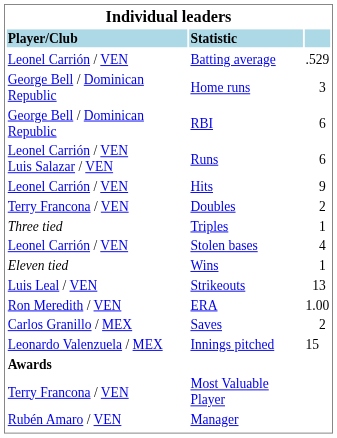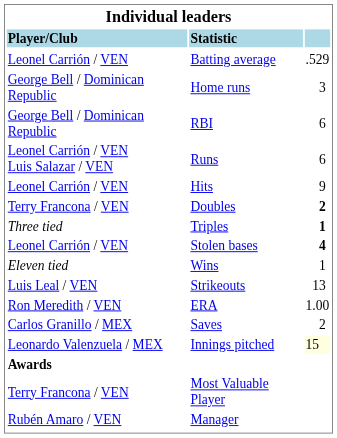 <table cellpadding="1" width="350px" style="font-size: 90%; border: 1px solid gray;">
 <tr align="center" style="font-size: larger;">
 <td colspan=6><strong>Individual leaders</strong></td>
 </tr>
 <tr style="background:lightblue;">
 <td><strong>Player/Club</strong></td>
 <td><strong>Statistic</strong></td>
 <td></td>
 </tr>
 <tr align="center" style="vertical-align: middle;" style="background:lightblue;">
 </tr>
 <tr>
 <td><a href='#'>Leonel Carrión</a> / <a href='#'>VEN</a></td>
 <td><a href='#'>Batting average</a></td>
 <td>.529</td>
 </tr>
 <tr>
 <td><a href='#'>George Bell</a> / <a href='#'>Dominican Republic</a></td>
 <td><a href='#'>Home runs</a></td>
 <td>     3</td>
 </tr>
 <tr>
 <td><a href='#'>George Bell</a> / <a href='#'>Dominican Republic</a></td>
 <td><a href='#'>RBI</a></td>
 <td>     6</td>
 </tr>
 <tr>
 <td><a href='#'>Leonel Carrión</a> / <a href='#'>VEN</a><br><a href='#'>Luis Salazar</a> / <a href='#'>VEN</a></td>
 <td><a href='#'>Runs</a></td>
 <td>     6</td>
 </tr>
 <tr>
 <td><a href='#'>Leonel Carrión</a> / <a href='#'>VEN</a></td>
 <td><a href='#'>Hits</a></td>
 <td>    9</td>
 </tr>
 <tr>
 <td><a href='#'>Terry Francona</a> / <a href='#'>VEN</a></td>
 <td><a href='#'>Doubles</a></td>
-<td>     2</td>
+<td><strong>     2</strong></td>
 </tr>
 <tr>
 <td><em>Three tied</em></td>
 <td><a href='#'>Triples</a></td>
-<td>    1</td>
+<td><strong>    1</strong></td>
 </tr>
 <tr>
 <td><a href='#'>Leonel Carrión</a> / <a href='#'>VEN</a></td>
 <td><a href='#'>Stolen bases</a></td>
-<td>     4</td>
+<td><strong>     4</strong></td>
 </tr>
 <tr>
 <td><em>Eleven tied</em></td>
 <td><a href='#'>Wins</a></td>
 <td>     1</td>
 </tr>
 <tr>
 <td><a href='#'>Luis Leal</a> / <a href='#'>VEN</a></td>
 <td><a href='#'>Strikeouts</a></td>
 <td>  13</td>
 </tr>
 <tr>
 <td><a href='#'>Ron Meredith</a> / <a href='#'>VEN</a></td>
 <td><a href='#'>ERA</a></td>
 <td>1.00</td>
 </tr>
 <tr>
 <td><a href='#'>Carlos Granillo</a> / <a href='#'>MEX</a></td>
 <td><a href='#'>Saves</a></td>
 <td>     2</td>
 </tr>
 <tr>
 <td><a href='#'>Leonardo Valenzuela</a> / <a href='#'>MEX</a></td>
 <td><a href='#'>Innings pitched</a></td>
-<td>15 </td>
+<td style="background: lightyellow;">15 </td>
 </tr>
 <tr>
 <td><strong>Awards</strong></td>
 </tr>
 <tr>
 <td><a href='#'>Terry Francona</a> / <a href='#'>VEN</a></td>
 <td><a href='#'>Most Valuable Player</a></td>
 </tr>
 <tr>
 <td><a href='#'>Rubén Amaro</a> / <a href='#'>VEN</a></td>
 <td><a href='#'>Manager</a></td>
 </tr>
 <tr>
 </tr>
 </table>
